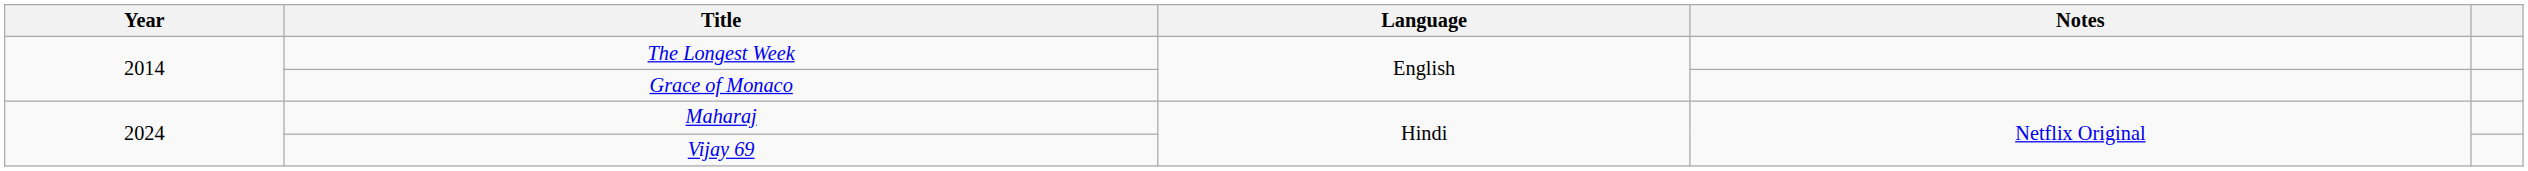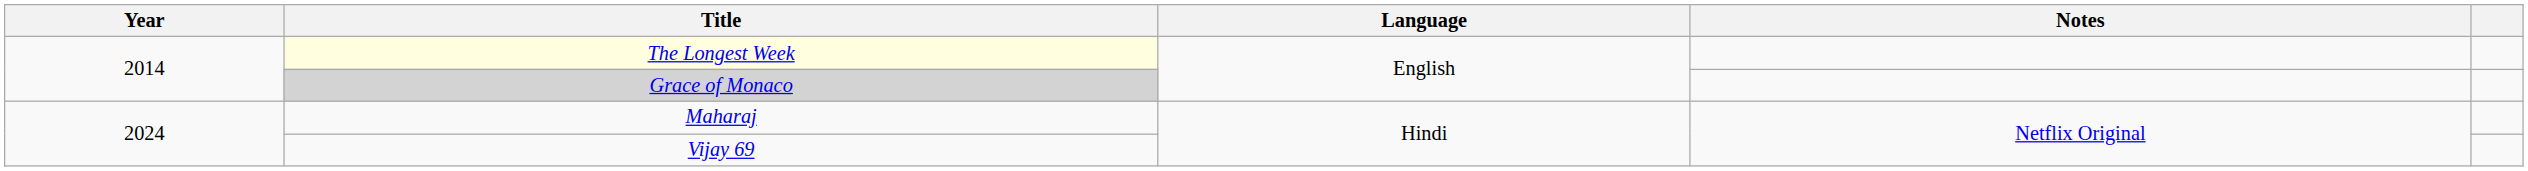 <table class="wikitable plainrowheaders sortable" style="width: 100%; text-align: center;">
 <tr>
 <th scope="col">Year</th>
 <th scope="col">Title</th>
 <th scope="col">Language</th>
 <th scope = "col">Notes</th>
 <th scope="col" class="unsortable"></th>
 </tr>
 <tr>
 <td rowspan="2">2014</td>
-<td><em><a href='#'>The Longest Week</a></em></td>
+<td style="background: lightyellow;"><em><a href='#'>The Longest Week</a></em></td>
 <td rowspan="2">English</td>
 <td></td>
 <td></td>
 </tr>
 <tr>
-<td><em><a href='#'>Grace of Monaco</a></em></td>
+<td style="background: lightgrey;"><em><a href='#'>Grace of Monaco</a></em></td>
 <td></td>
 <td></td>
 </tr>
 <tr>
 <td rowspan="2">2024</td>
 <td><em><a href='#'>Maharaj</a></em></td>
 <td rowspan="2">Hindi</td>
 <td rowspan="2"><a href='#'>Netflix Original</a></td>
 <td></td>
 </tr>
 <tr>
 <td><em><a href='#'>Vijay 69</a></em></td>
 <td></td>
 </tr>
 </table>
